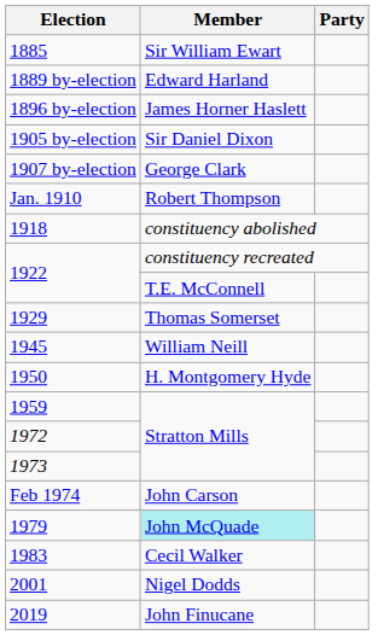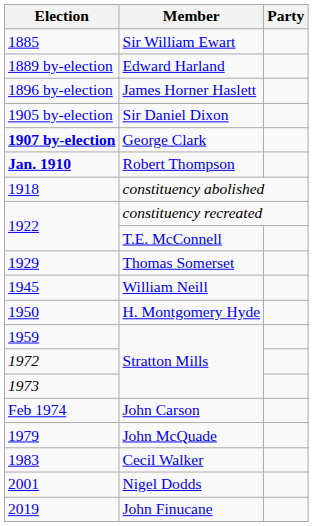 <table class="wikitable">
 <tr>
 <th>Election</th>
 <th>Member</th>
 <th colspan="2">Party</th>
 </tr>
 <tr>
 <td><a href='#'>1885</a></td>
 <td><a href='#'>Sir William Ewart</a></td>
 <td></td>
 </tr>
 <tr>
 <td><a href='#'>1889 by-election</a></td>
 <td><a href='#'>Edward Harland</a></td>
 <td></td>
 </tr>
 <tr>
 <td><a href='#'>1896 by-election</a></td>
 <td><a href='#'>James Horner Haslett</a></td>
 <td></td>
 </tr>
 <tr>
 <td><a href='#'>1905 by-election</a></td>
 <td><a href='#'>Sir Daniel Dixon</a></td>
 <td></td>
 </tr>
 <tr>
-<td><a href='#'>1907 by-election</a></td>
+<td><strong><a href='#'>1907 by-election</a></strong></td>
 <td><a href='#'>George Clark</a></td>
 <td></td>
 </tr>
 <tr>
-<td><a href='#'>Jan. 1910</a></td>
+<td><strong><a href='#'>Jan. 1910</a></strong></td>
 <td><a href='#'>Robert Thompson</a></td>
 <td></td>
 </tr>
 <tr>
 <td><a href='#'>1918</a></td>
 <td colspan="3"><em>constituency abolished</em></td>
 </tr>
 <tr>
 <td rowspan="2"><a href='#'>1922</a></td>
 <td colspan="3"><em>constituency recreated</em></td>
 </tr>
 <tr>
 <td><a href='#'>T.E. McConnell</a></td>
 <td></td>
 </tr>
 <tr>
 <td><a href='#'>1929</a></td>
 <td><a href='#'>Thomas Somerset</a></td>
 <td></td>
 </tr>
 <tr>
 <td><a href='#'>1945</a></td>
 <td><a href='#'>William Neill</a></td>
 <td></td>
 </tr>
 <tr>
 <td><a href='#'>1950</a></td>
 <td><a href='#'>H. Montgomery Hyde</a></td>
 <td></td>
 </tr>
 <tr>
 <td><a href='#'>1959</a></td>
 <td rowspan="3"><a href='#'>Stratton Mills</a></td>
 <td></td>
 </tr>
 <tr>
 <td><em>1972</em></td>
 <td></td>
 </tr>
 <tr>
 <td><em>1973</em></td>
 <td></td>
 </tr>
 <tr>
 <td><a href='#'>Feb 1974</a></td>
 <td><a href='#'>John Carson</a></td>
 <td></td>
 </tr>
 <tr>
 <td><a href='#'>1979</a></td>
-<td style="background: paleturquoise;"><a href='#'>John McQuade</a></td>
+<td><a href='#'>John McQuade</a></td>
 <td></td>
 </tr>
 <tr>
 <td><a href='#'>1983</a></td>
 <td><a href='#'>Cecil Walker</a></td>
 <td></td>
 </tr>
 <tr>
 <td><a href='#'>2001</a></td>
 <td><a href='#'>Nigel Dodds</a></td>
 <td></td>
 </tr>
 <tr>
 <td><a href='#'>2019</a></td>
 <td><a href='#'>John Finucane</a></td>
 <td></td>
 </tr>
 </table>
